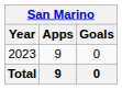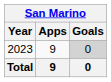 <table class="wikitable" style="text-align:center">
 <tr>
 <th colspan=3><a href='#'>San Marino</a></th>
 </tr>
 <tr>
 <th>Year</th>
 <th>Apps</th>
 <th>Goals</th>
 </tr>
 <tr>
 <td>2023</td>
 <td>9</td>
-<td>0</td>
+<td style="background: lightgrey;">0</td>
 </tr>
 <tr>
 <th>Total</th>
 <th>9</th>
 <th>0</th>
 </tr>
 </table>
